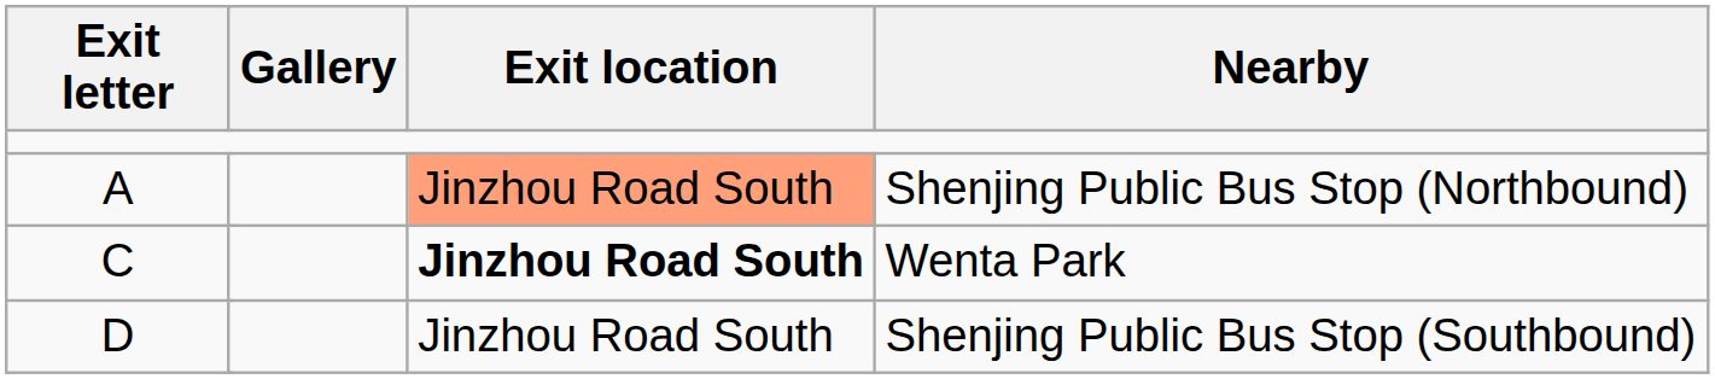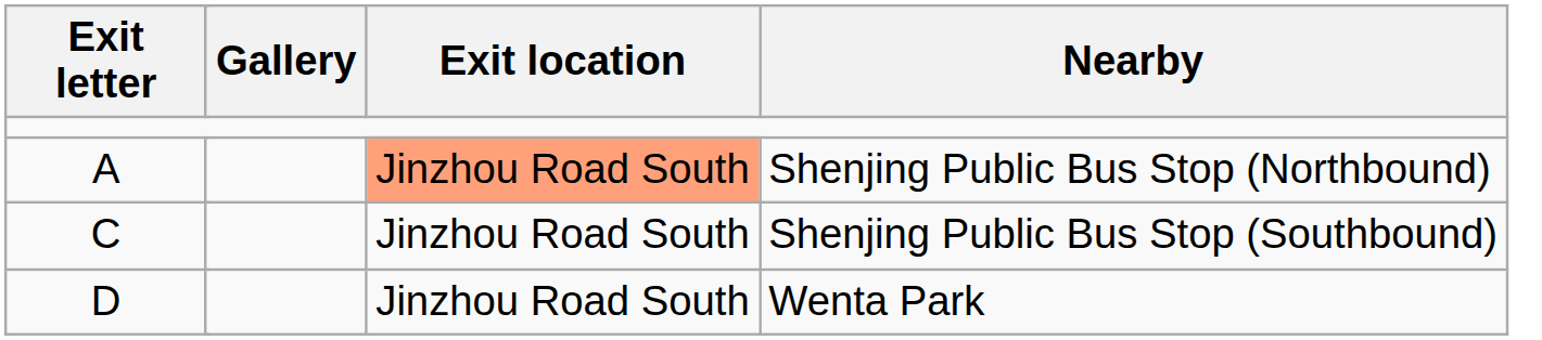 <table class="wikitable">
 <tr>
 <th colspan=2 style="width:70px">Exit letter</th>
 <th>Gallery</th>
 <th>Exit location</th>
 <th>Nearby</th>
 </tr>
 <tr style="background:#">
 <td colspan = "6"></td>
 </tr>
 <tr>
 <td colspan=2 align=center>A</td>
 <td></td>
 <td style="background: lightsalmon;">Jinzhou Road South</td>
 <td>Shenjing Public Bus Stop (Northbound)</td>
 </tr>
 <tr>
 <td colspan=2 align=center>C</td>
 <td></td>
-<td><strong>Jinzhou Road South</strong></td>
-<td>Wenta Park</td>
+<td>Jinzhou Road South</td>
+<td>Shenjing Public Bus Stop (Southbound)</td>
 </tr>
 <tr>
 <td colspan=2 align=center>D</td>
 <td></td>
 <td>Jinzhou Road South</td>
-<td>Shenjing Public Bus Stop (Southbound)</td>
+<td>Wenta Park</td>
 </tr>
 </table>
